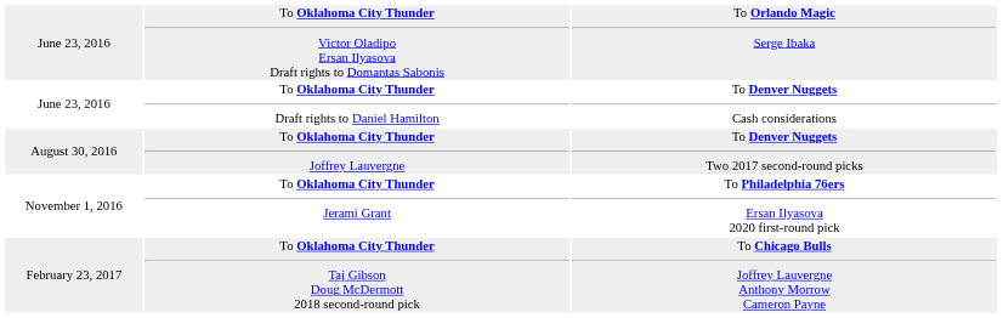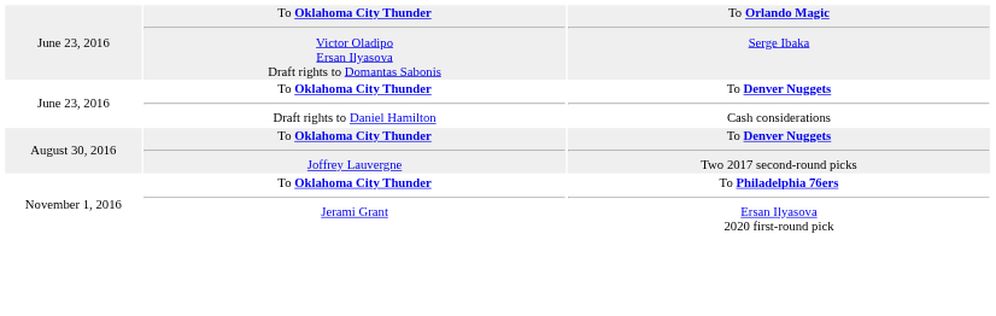 <table style="text-align: center">
 <tr style="background:#eeee">
 <td style="width:10%">June 23, 2016</td>
 <td style="width:31%; vertical-align:top;">To <strong><a href='#'>Oklahoma City Thunder</a></strong><hr><a href='#'>Victor Oladipo</a><br><a href='#'>Ersan Ilyasova</a><br>Draft rights to <a href='#'>Domantas Sabonis</a></td>
 <td style="width:31%; vertical-align:top;">To <strong><a href='#'>Orlando Magic</a></strong><hr><a href='#'>Serge Ibaka</a></td>
 </tr>
 <tr>
 <td style="width:10%">June 23, 2016</td>
 <td style="width:31%; vertical-align:top;">To <strong><a href='#'>Oklahoma City Thunder</a></strong><hr>Draft rights to <a href='#'>Daniel Hamilton</a></td>
 <td style="width:31%; vertical-align:top;">To <strong><a href='#'>Denver Nuggets</a></strong><hr>Cash considerations</td>
 </tr>
 <tr style="background:#eeee">
 <td style="width:10%">August 30, 2016</td>
 <td style="width:31%; vertical-align:top;">To <strong><a href='#'>Oklahoma City Thunder</a></strong><hr><a href='#'>Joffrey Lauvergne</a></td>
 <td style="width:31%; vertical-align:top;">To <strong><a href='#'>Denver Nuggets</a></strong><hr>Two 2017 second-round picks</td>
 </tr>
 <tr>
 <td style="width:10%">November 1, 2016</td>
 <td style="width:31%; vertical-align:top;">To <strong><a href='#'>Oklahoma City Thunder</a></strong><hr><a href='#'>Jerami Grant</a></td>
 <td style="width:31%; vertical-align:top;">To <strong><a href='#'>Philadelphia 76ers</a></strong><hr><a href='#'>Ersan Ilyasova</a><br>2020 first-round pick</td>
 </tr>
-<tr style="background:#eeee">
-<td style="width:10%">February 23, 2017</td>
-<td style="width:31%; vertical-align:top;">To <strong><a href='#'>Oklahoma City Thunder</a></strong><hr><a href='#'>Taj Gibson</a><br><a href='#'>Doug McDermott</a><br>2018 second-round pick</td>
-<td style="width:31%; vertical-align:top;">To <strong><a href='#'>Chicago Bulls</a></strong><hr><a href='#'>Joffrey Lauvergne</a><br><a href='#'>Anthony Morrow</a><br><a href='#'>Cameron Payne</a></td>
-</tr>
 </table>
